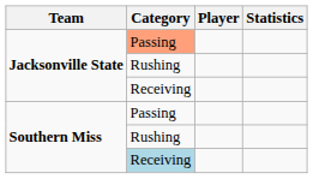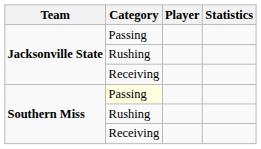 <table class="wikitable" style="float: right;">
 <tr>
 <th>Team</th>
 <th>Category</th>
 <th>Player</th>
 <th>Statistics</th>
 </tr>
 <tr>
 <td rowspan=3><strong>Jacksonville State</strong></td>
-<td style="background: lightsalmon;">Passing</td>
+<td>Passing</td>
 <td></td>
 <td></td>
 </tr>
 <tr>
 <td>Rushing</td>
 <td></td>
 <td></td>
 </tr>
 <tr>
 <td>Receiving</td>
 <td></td>
 <td></td>
 </tr>
 <tr>
 <td rowspan=3><strong>Southern Miss</strong></td>
-<td>Passing</td>
+<td style="background: lightyellow;">Passing</td>
 <td></td>
 <td></td>
 </tr>
 <tr>
 <td>Rushing</td>
 <td></td>
 <td></td>
 </tr>
 <tr>
-<td style="background: lightblue;">Receiving</td>
+<td>Receiving</td>
 <td></td>
 <td></td>
 </tr>
 </table>
